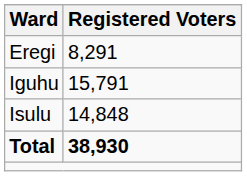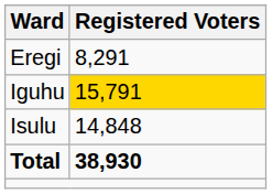 <table class="wikitable">
 <tr>
 </tr>
 <tr>
 <th>Ward</th>
 <th>Registered Voters</th>
 </tr>
 <tr>
 <td>Eregi</td>
 <td>8,291</td>
 </tr>
 <tr>
 <td>Iguhu</td>
-<td>15,791</td>
+<td style="background: gold;">15,791</td>
 </tr>
 <tr>
 <td>Isulu</td>
 <td>14,848</td>
 </tr>
 <tr>
 <td><strong>Total</strong></td>
 <td><strong>38,930</strong></td>
 </tr>
 <tr>
 <td colspan="2"></td>
 </tr>
 </table>
